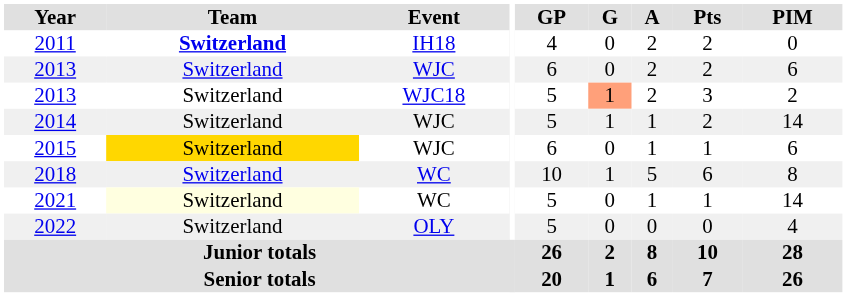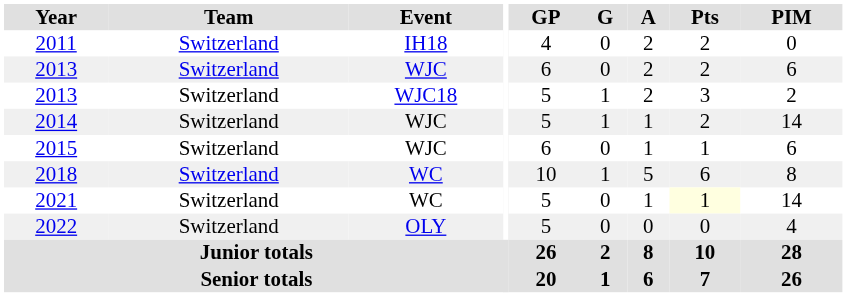 <table border="0" cellpadding="1" cellspacing="0" ID="Table3" style="text-align:center; width:40em">
 <tr bgcolor="#e0e0e0">
 <th>Year</th>
 <th>Team</th>
 <th>Event</th>
 <th rowspan="102" bgcolor="#ffffff"></th>
 <th>GP</th>
 <th>G</th>
 <th>A</th>
 <th>Pts</th>
 <th>PIM</th>
 </tr>
 <tr>
 <td><a href='#'>2011</a></td>
-<td><strong><a href='#'>Switzerland</a></strong></td>
+<td><a href='#'>Switzerland</a></td>
 <td><a href='#'>IH18</a></td>
 <td>4</td>
 <td>0</td>
 <td>2</td>
 <td>2</td>
 <td>0</td>
 </tr>
 <tr bgcolor="#f0f0f0">
 <td><a href='#'>2013</a></td>
 <td><a href='#'>Switzerland</a></td>
 <td><a href='#'>WJC</a></td>
 <td>6</td>
 <td>0</td>
 <td>2</td>
 <td>2</td>
 <td>6</td>
 </tr>
 <tr>
 <td><a href='#'>2013</a></td>
 <td>Switzerland</td>
 <td><a href='#'>WJC18</a></td>
 <td>5</td>
-<td style="background: lightsalmon;">1</td>
+<td>1</td>
 <td>2</td>
 <td>3</td>
 <td>2</td>
 </tr>
 <tr bgcolor="#f0f0f0">
 <td><a href='#'>2014</a></td>
 <td>Switzerland</td>
 <td>WJC</td>
 <td>5</td>
 <td>1</td>
 <td>1</td>
 <td>2</td>
 <td>14</td>
 </tr>
 <tr>
 <td><a href='#'>2015</a></td>
-<td style="background: gold;">Switzerland</td>
+<td>Switzerland</td>
 <td>WJC</td>
 <td>6</td>
 <td>0</td>
 <td>1</td>
 <td>1</td>
 <td>6</td>
 </tr>
 <tr bgcolor="#f0f0f0">
 <td><a href='#'>2018</a></td>
 <td><a href='#'>Switzerland</a></td>
 <td><a href='#'>WC</a></td>
 <td>10</td>
 <td>1</td>
 <td>5</td>
 <td>6</td>
 <td>8</td>
 </tr>
 <tr>
 <td><a href='#'>2021</a></td>
-<td style="background: lightyellow;">Switzerland</td>
+<td>Switzerland</td>
 <td>WC</td>
 <td>5</td>
 <td>0</td>
 <td>1</td>
-<td>1</td>
+<td style="background: lightyellow;">1</td>
 <td>14</td>
 </tr>
 <tr bgcolor="#f0f0f0">
 <td><a href='#'>2022</a></td>
 <td>Switzerland</td>
 <td><a href='#'>OLY</a></td>
 <td>5</td>
 <td>0</td>
 <td>0</td>
 <td>0</td>
 <td>4</td>
 </tr>
 <tr bgcolor="#e0e0e0">
 <th colspan="4">Junior totals</th>
 <th>26</th>
 <th>2</th>
 <th>8</th>
 <th>10</th>
 <th>28</th>
 </tr>
 <tr bgcolor="#e0e0e0">
 <th colspan="4">Senior totals</th>
 <th>20</th>
 <th>1</th>
 <th>6</th>
 <th>7</th>
 <th>26</th>
 </tr>
 </table>
